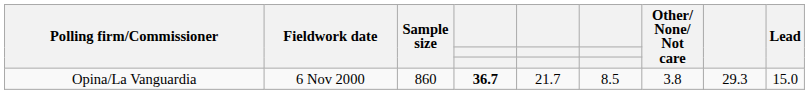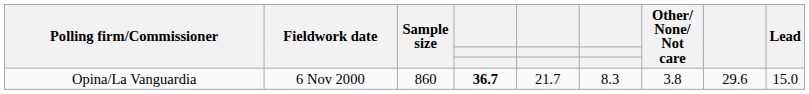 <table class="wikitable collapsible collapsed" style="text-align:center; font-size:90%; line-height:14px;">
 <tr style="height:42px;">
 <th style="width:250px;" rowspan="3">Polling firm/Commissioner</th>
 <th style="width:125px;" rowspan="3">Fieldwork date</th>
 <th style="width:50px;" rowspan="3">Sample size</th>
 <th style="width:55px;"></th>
 <th style="width:55px;"></th>
 <th style="width:55px;"></th>
 <th style="width:55px;" rowspan="3">Other/<br>None/<br>Not<br>care</th>
 <th style="width:55px;" rowspan="3"></th>
 <th style="width:30px;" rowspan="3">Lead</th>
 </tr>
 <tr>
 <th style="color:inherit;background:"></th>
 <th style="color:inherit;background:"></th>
 <th style="color:inherit;background:"></th>
 </tr>
 <tr>
 <th></th>
 <th></th>
 <th></th>
 </tr>
 <tr>
 <td>Opina/La Vanguardia</td>
 <td>6 Nov 2000</td>
 <td>860</td>
 <td><strong>36.7</strong></td>
 <td>21.7</td>
-<td>8.5</td>
+<td>8.3</td>
 <td>3.8</td>
-<td>29.3</td>
+<td>29.6</td>
 <td style="background:">15.0</td>
 </tr>
 </table>
